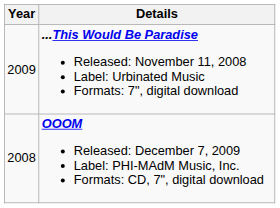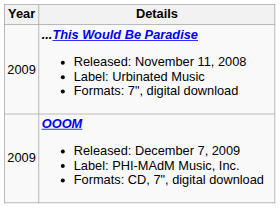 <table class="wikitable" style="text-align:left;">
 <tr>
 <th scope="col">Year</th>
 <th scope="col" style="width:18em;">Details</th>
 </tr>
 <tr>
 <td scope="row">2009</td>
 <td><strong><em>...<a href='#'>This Would Be Paradise</a></em></strong><br><ul><li>Released: November 11, 2008</li><li>Label: Urbinated Music</li><li>Formats: 7", digital download</li></ul></td>
 </tr>
 <tr>
-<td scope="row">2008</td>
+<td scope="row">2009</td>
 <td><strong><em><a href='#'>OOOM</a></em></strong><br><ul><li>Released: December 7, 2009</li><li>Label: PHI-MAdM Music, Inc.</li><li>Formats: CD, 7", digital download</li></ul></td>
 </tr>
 </table>
